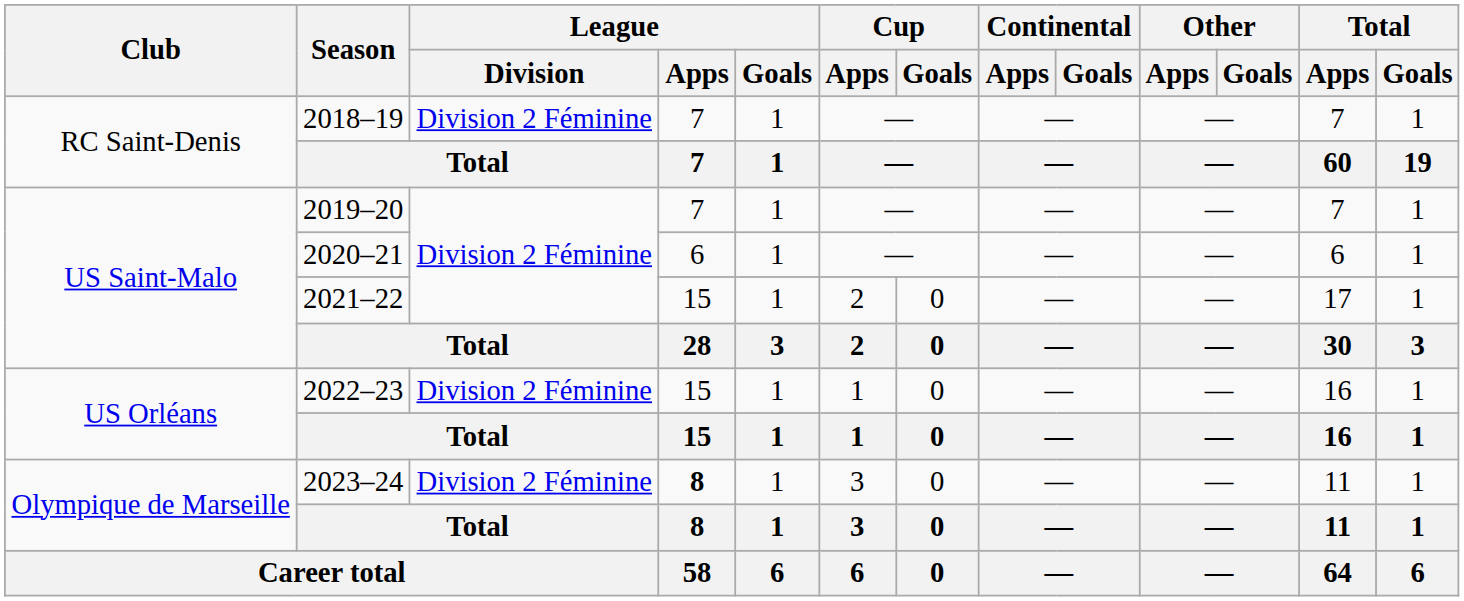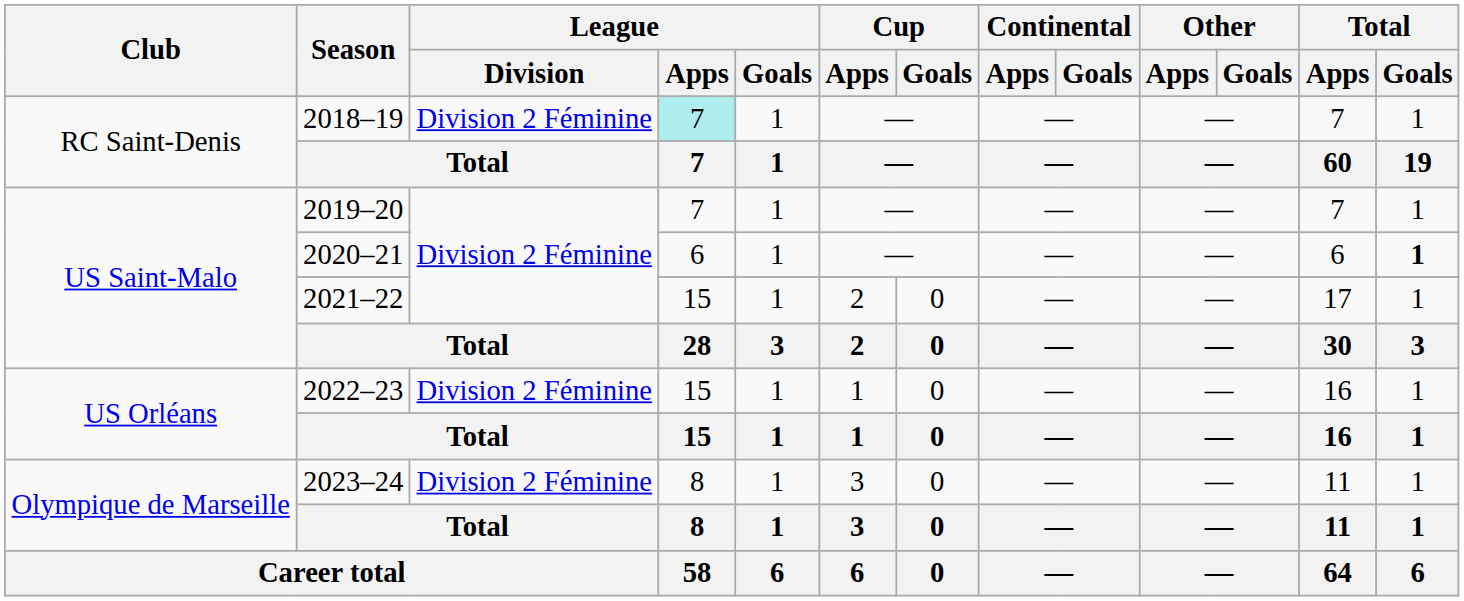 <table class="wikitable" style="text-align: center;">
 <tr>
 <th rowspan="2">Club</th>
 <th rowspan="2">Season</th>
 <th colspan="3">League</th>
 <th colspan="2">Cup</th>
 <th colspan="2">Continental</th>
 <th colspan="2">Other</th>
 <th colspan="2">Total</th>
 </tr>
 <tr>
 <th>Division</th>
 <th>Apps</th>
 <th>Goals</th>
 <th>Apps</th>
 <th>Goals</th>
 <th>Apps</th>
 <th>Goals</th>
 <th>Apps</th>
 <th>Goals</th>
 <th>Apps</th>
 <th>Goals</th>
 </tr>
 <tr>
 <td rowspan="2">RC Saint-Denis</td>
 <td>2018–19</td>
 <td rowspan="1"><a href='#'>Division 2 Féminine</a></td>
-<td>7</td>
+<td style="background: paleturquoise;">7</td>
 <td>1</td>
 <td colspan="2">—</td>
 <td colspan="2">—</td>
 <td colspan="2">—</td>
 <td>7</td>
 <td>1</td>
 </tr>
 <tr>
 <th colspan="2">Total</th>
 <th>7</th>
 <th>1</th>
 <th colspan="2">—</th>
 <th colspan="2">—</th>
 <th colspan="2">—</th>
 <th>60</th>
 <th>19</th>
 </tr>
 <tr>
 <td rowspan="4"><a href='#'>US Saint-Malo</a></td>
 <td>2019–20</td>
 <td rowspan="3"><a href='#'>Division 2 Féminine</a></td>
 <td>7</td>
 <td>1</td>
 <td colspan="2">—</td>
 <td colspan="2">—</td>
 <td colspan="2">—</td>
 <td>7</td>
 <td>1</td>
 </tr>
 <tr>
 <td>2020–21</td>
 <td>6</td>
 <td>1</td>
 <td colspan="2">—</td>
 <td colspan="2">—</td>
 <td colspan="2">—</td>
 <td>6</td>
-<td>1</td>
+<td><strong>1</strong></td>
 </tr>
 <tr>
 <td>2021–22</td>
 <td>15</td>
 <td>1</td>
 <td>2</td>
 <td>0</td>
 <td colspan="2">—</td>
 <td colspan="2">—</td>
 <td>17</td>
 <td>1</td>
 </tr>
 <tr>
 <th colspan="2">Total</th>
 <th>28</th>
 <th>3</th>
 <th>2</th>
 <th>0</th>
 <th colspan="2">—</th>
 <th colspan="2">—</th>
 <th>30</th>
 <th>3</th>
 </tr>
 <tr>
 <td rowspan="2"><a href='#'>US Orléans</a></td>
 <td>2022–23</td>
 <td rowspan="1"><a href='#'>Division 2 Féminine</a></td>
 <td>15</td>
 <td>1</td>
 <td>1</td>
 <td>0</td>
 <td colspan="2">—</td>
 <td colspan="2">—</td>
 <td>16</td>
 <td>1</td>
 </tr>
 <tr>
 <th colspan="2">Total</th>
 <th>15</th>
 <th>1</th>
 <th>1</th>
 <th>0</th>
 <th colspan="2">—</th>
 <th colspan="2">—</th>
 <th>16</th>
 <th>1</th>
 </tr>
 <tr>
 <td rowspan="2"><a href='#'>Olympique de Marseille</a></td>
 <td>2023–24</td>
 <td rowspan="1"><a href='#'>Division 2 Féminine</a></td>
-<td><strong>8</strong></td>
+<td>8</td>
 <td>1</td>
 <td>3</td>
 <td>0</td>
 <td colspan="2">—</td>
 <td colspan="2">—</td>
 <td>11</td>
 <td>1</td>
 </tr>
 <tr>
 <th colspan="2">Total</th>
 <th>8</th>
 <th>1</th>
 <th>3</th>
 <th>0</th>
 <th colspan="2">—</th>
 <th colspan="2">—</th>
 <th>11</th>
 <th>1</th>
 </tr>
 <tr>
 <th colspan="3">Career total</th>
 <th>58</th>
 <th>6</th>
 <th>6</th>
 <th>0</th>
 <th colspan="2">—</th>
 <th colspan="2">—</th>
 <th>64</th>
 <th>6</th>
 </tr>
 </table>
